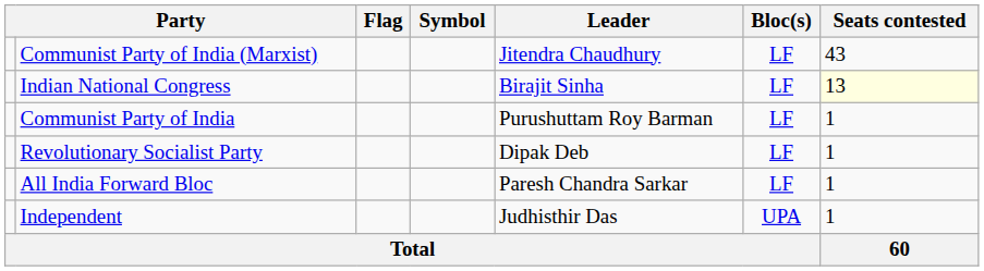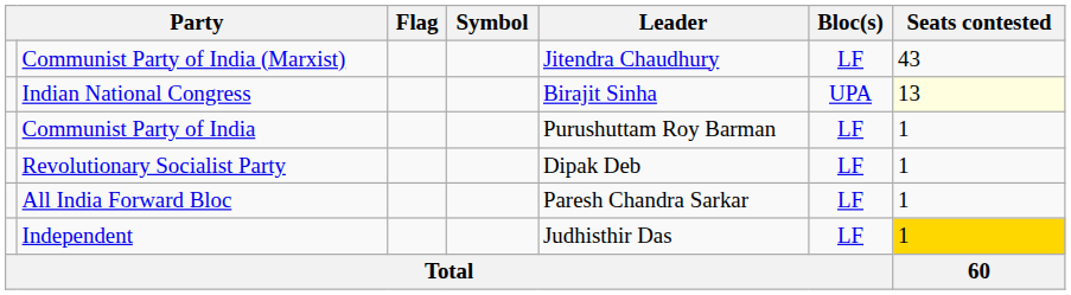 <table class="wikitable"  width="60%">
 <tr>
 <th colspan="2">Party</th>
 <th>Flag</th>
 <th>Symbol</th>
 <th>Leader</th>
 <th>Bloc(s)</th>
 <th>Seats contested</th>
 </tr>
 <tr>
 <td style="text-align:center; background:"></td>
 <td><a href='#'>Communist Party of India (Marxist)</a></td>
 <td></td>
 <td></td>
 <td><a href='#'>Jitendra Chaudhury</a></td>
 <td style="text-align:center"><a href='#'>LF</a></td>
 <td>43</td>
 </tr>
 <tr>
 <td style="text-align:center; background:"></td>
 <td><a href='#'>Indian National Congress</a></td>
 <td></td>
 <td></td>
 <td><a href='#'>Birajit Sinha</a></td>
-<td style="text-align:center"><a href='#'>LF</a></td>
+<td style="text-align:center"><a href='#'>UPA</a></td>
 <td style="background: lightyellow;">13</td>
 </tr>
 <tr>
 <td style="text-align:center; background:"></td>
 <td><a href='#'>Communist Party of India</a></td>
 <td></td>
 <td></td>
 <td>Purushuttam Roy Barman</td>
 <td style="text-align:center"><a href='#'>LF</a></td>
 <td>1</td>
 </tr>
 <tr>
 <td style="text-align:center; background:"></td>
 <td><a href='#'>Revolutionary Socialist Party</a></td>
 <td></td>
 <td></td>
 <td>Dipak Deb</td>
 <td style="text-align:center"><a href='#'>LF</a></td>
 <td>1</td>
 </tr>
 <tr>
 <td style="text-align:Center; background:"><span></span></td>
 <td><a href='#'>All India Forward Bloc</a></td>
 <td></td>
 <td></td>
 <td>Paresh Chandra Sarkar</td>
 <td style="text-align:center"><a href='#'>LF</a></td>
 <td>1</td>
 </tr>
 <tr>
 <td style="text-align:center; background:"></td>
 <td><a href='#'>Independent</a></td>
 <td></td>
 <td></td>
 <td>Judhisthir Das</td>
-<td style="text-align:center"><a href='#'>UPA</a></td>
-<td>1</td>
+<td style="text-align:center"><a href='#'>LF</a></td>
+<td style="background: gold;">1</td>
 </tr>
 <tr>
 <th colspan="6">Total</th>
 <th>60</th>
 </tr>
 </table>
